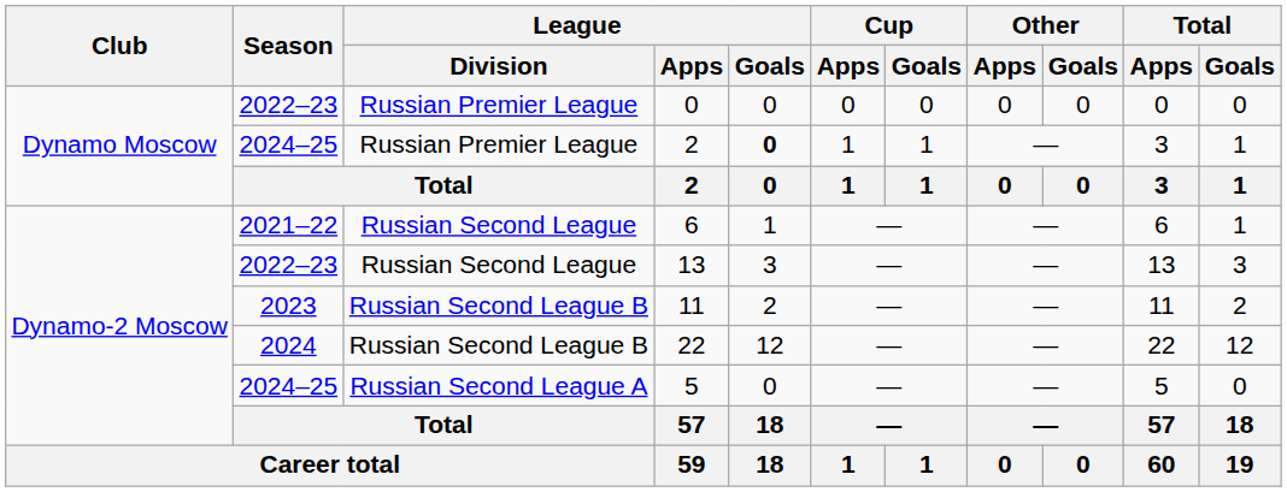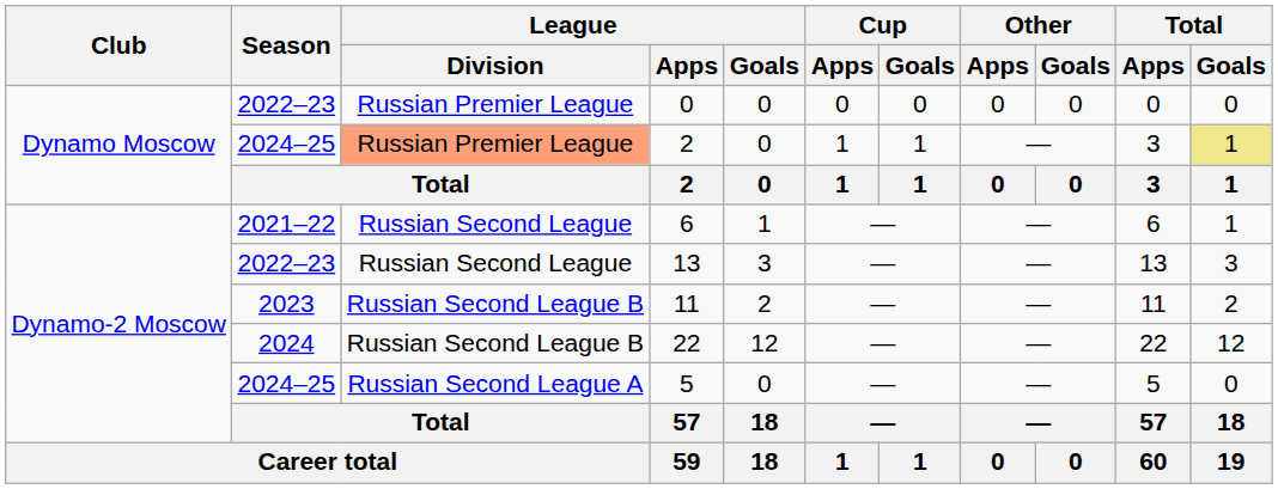 <table class="wikitable" style="text-align:center">
 <tr>
 <th rowspan="2">Club</th>
 <th rowspan="2">Season</th>
 <th colspan="3">League</th>
 <th colspan="2">Cup</th>
 <th colspan="2">Other</th>
 <th colspan="2">Total</th>
 </tr>
 <tr>
 <th>Division</th>
 <th>Apps</th>
 <th>Goals</th>
 <th>Apps</th>
 <th>Goals</th>
 <th>Apps</th>
 <th>Goals</th>
 <th>Apps</th>
 <th>Goals</th>
 </tr>
 <tr>
 <td rowspan="3"><a href='#'>Dynamo Moscow</a></td>
 <td><a href='#'>2022–23</a></td>
 <td><a href='#'>Russian Premier League</a></td>
 <td>0</td>
 <td>0</td>
 <td>0</td>
 <td>0</td>
 <td>0</td>
 <td>0</td>
 <td>0</td>
 <td>0</td>
 </tr>
 <tr>
 <td><a href='#'>2024–25</a></td>
-<td>Russian Premier League</td>
+<td style="background: lightsalmon;">Russian Premier League</td>
 <td>2</td>
-<td><strong>0</strong></td>
+<td>0</td>
 <td>1</td>
 <td>1</td>
 <td colspan="2">—</td>
 <td>3</td>
-<td>1</td>
+<td style="background: khaki;">1</td>
 </tr>
 <tr>
 <th colspan="2">Total</th>
 <th>2</th>
 <th>0</th>
 <th>1</th>
 <th>1</th>
 <th>0</th>
 <th>0</th>
 <th>3</th>
 <th>1</th>
 </tr>
 <tr>
 <td rowspan="6"><a href='#'>Dynamo-2 Moscow</a></td>
 <td><a href='#'>2021–22</a></td>
 <td><a href='#'>Russian Second League</a></td>
 <td>6</td>
 <td>1</td>
 <td colspan="2">—</td>
 <td colspan="2">—</td>
 <td>6</td>
 <td>1</td>
 </tr>
 <tr>
 <td><a href='#'>2022–23</a></td>
 <td>Russian Second League</td>
 <td>13</td>
 <td>3</td>
 <td colspan="2">—</td>
 <td colspan="2">—</td>
 <td>13</td>
 <td>3</td>
 </tr>
 <tr>
 <td><a href='#'>2023</a></td>
 <td><a href='#'>Russian Second League B</a></td>
 <td>11</td>
 <td>2</td>
 <td colspan="2">—</td>
 <td colspan="2">—</td>
 <td>11</td>
 <td>2</td>
 </tr>
 <tr>
 <td><a href='#'>2024</a></td>
 <td>Russian Second League B</td>
 <td>22</td>
 <td>12</td>
 <td colspan="2">—</td>
 <td colspan="2">—</td>
 <td>22</td>
 <td>12</td>
 </tr>
 <tr>
 <td><a href='#'>2024–25</a></td>
 <td><a href='#'>Russian Second League A</a></td>
 <td>5</td>
 <td>0</td>
 <td colspan="2">—</td>
 <td colspan="2">—</td>
 <td>5</td>
 <td>0</td>
 </tr>
 <tr>
 <th colspan="2">Total</th>
 <th>57</th>
 <th>18</th>
 <th colspan="2">—</th>
 <th colspan="2">—</th>
 <th>57</th>
 <th>18</th>
 </tr>
 <tr>
 <th colspan="3">Career total</th>
 <th>59</th>
 <th>18</th>
 <th>1</th>
 <th>1</th>
 <th>0</th>
 <th>0</th>
 <th>60</th>
 <th>19</th>
 </tr>
 </table>
